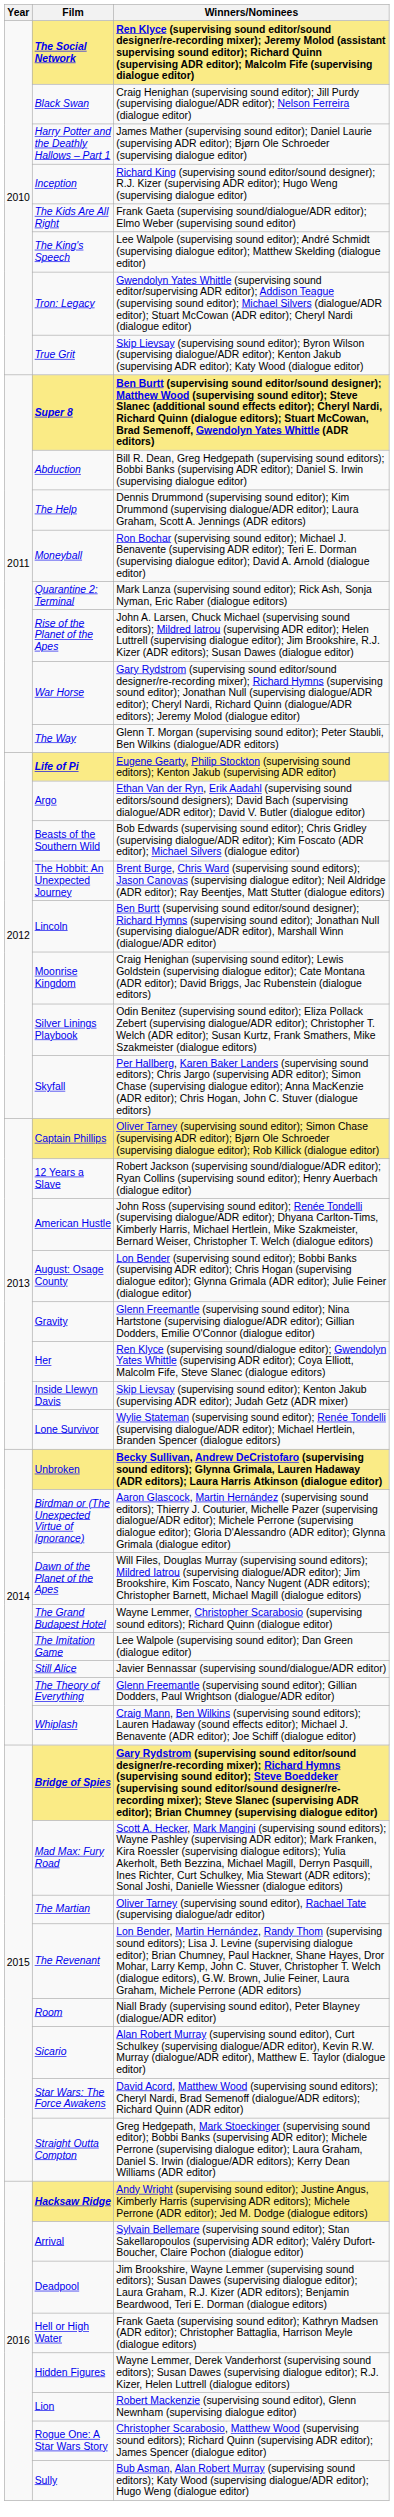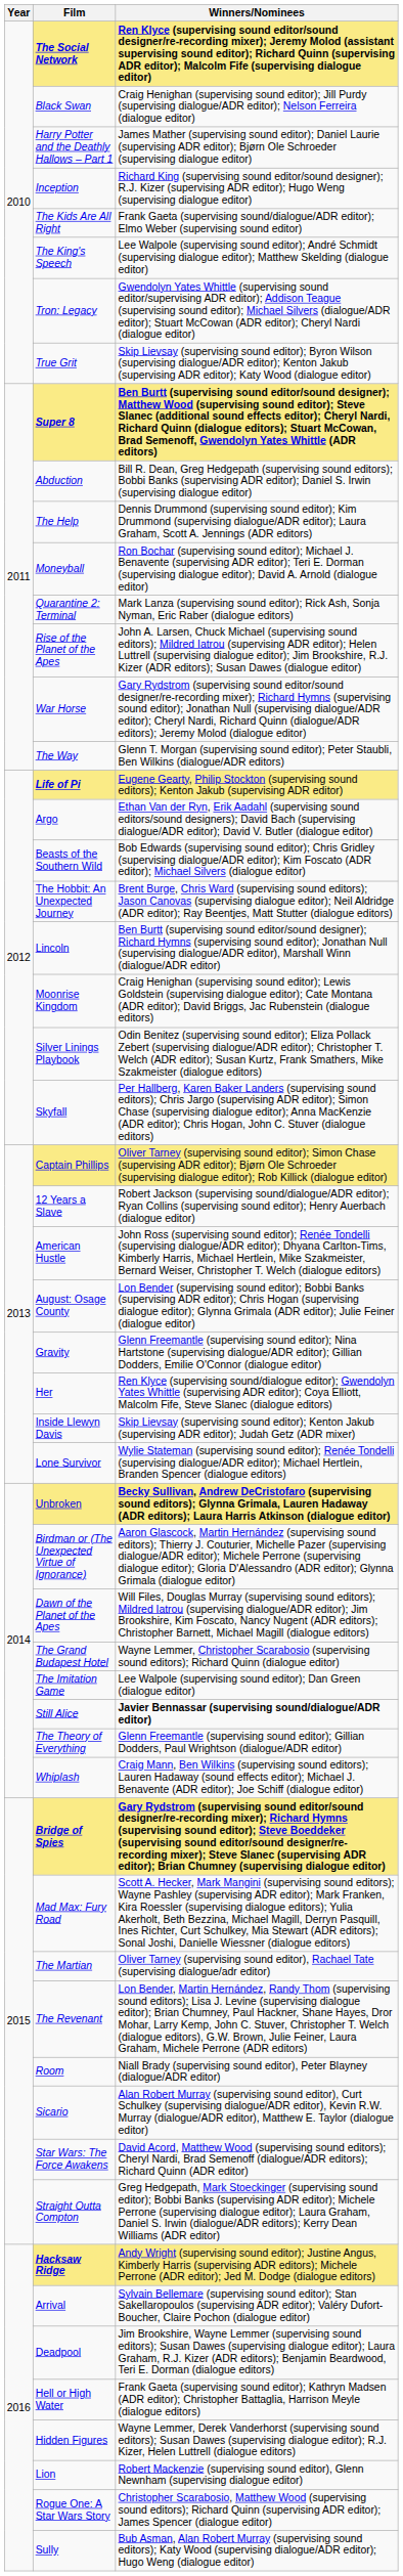 <table class="wikitable" width="95%" cellpadding="5">
 <tr>
 <th>Year</th>
 <th>Film</th>
 <th>Winners/Nominees</th>
 </tr>
 <tr>
 <td rowspan=8 style="text-align:center">2010<br></td>
 <td style="background:#FAEB86;"><strong><em><a href='#'>The Social Network</a></em></strong></td>
 <td style="background:#FAEB86;"><strong><a href='#'>Ren Klyce</a> (supervising sound editor/sound designer/re-recording mixer); Jeremy Molod (assistant supervising sound editor); Richard Quinn (supervising ADR editor); Malcolm Fife (supervising dialogue editor)</strong></td>
 </tr>
 <tr>
 <td><em><a href='#'>Black Swan</a></em></td>
 <td>Craig Henighan (supervising sound editor); Jill Purdy (supervising dialogue/ADR editor); <a href='#'>Nelson Ferreira</a> (dialogue editor)</td>
 </tr>
 <tr>
 <td><em><a href='#'>Harry Potter and the Deathly Hallows – Part 1</a></em></td>
 <td>James Mather (supervising sound editor); Daniel Laurie (supervising ADR editor); Bjørn Ole Schroeder (supervising dialogue editor)</td>
 </tr>
 <tr>
 <td><em><a href='#'>Inception</a></em></td>
 <td><a href='#'>Richard King</a> (supervising sound editor/sound designer); R.J. Kizer (supervising ADR editor); Hugo Weng (supervising dialogue editor)</td>
 </tr>
 <tr>
 <td><em><a href='#'>The Kids Are All Right</a></em></td>
 <td>Frank Gaeta (supervising sound/dialogue/ADR editor); Elmo Weber (supervising sound editor)</td>
 </tr>
 <tr>
 <td><em><a href='#'>The King's Speech</a></em></td>
 <td>Lee Walpole (supervising sound editor); André Schmidt (supervising dialogue editor); Matthew Skelding (dialogue editor)</td>
 </tr>
 <tr>
 <td><em><a href='#'>Tron: Legacy</a></em></td>
 <td><a href='#'>Gwendolyn Yates Whittle</a> (supervising sound editor/supervising ADR editor); <a href='#'>Addison Teague</a> (supervising sound editor); <a href='#'>Michael Silvers</a> (dialogue/ADR editor); Stuart McCowan (ADR editor); Cheryl Nardi (dialogue editor)</td>
 </tr>
 <tr>
 <td><em><a href='#'>True Grit</a></em></td>
 <td><a href='#'>Skip Lievsay</a> (supervising sound editor); Byron Wilson (supervising dialogue/ADR editor); Kenton Jakub (supervising ADR editor); Katy Wood (dialogue editor)</td>
 </tr>
 <tr>
 <td rowspan=8 style="text-align:center">2011<br></td>
 <td style="background:#FAEB86;"><strong><em><a href='#'>Super 8</a></em></strong></td>
 <td style="background:#FAEB86;"><strong><a href='#'>Ben Burtt</a> (supervising sound editor/sound designer); <a href='#'>Matthew Wood</a> (supervising sound editor); Steve Slanec (additional sound  effects editor); Cheryl Nardi, Richard Quinn (dialogue editors); Stuart McCowan, Brad Semenoff, <a href='#'>Gwendolyn Yates Whittle</a> (ADR editors)</strong></td>
 </tr>
 <tr>
 <td><em><a href='#'>Abduction</a></em></td>
 <td>Bill R. Dean, Greg Hedgepath (supervising sound editors); Bobbi Banks (supervising ADR editor); Daniel S. Irwin (supervising dialogue editor)</td>
 </tr>
 <tr>
 <td><em><a href='#'>The Help</a></em></td>
 <td>Dennis Drummond (supervising sound editor); Kim Drummond (supervising dialogue/ADR editor); Laura Graham, Scott A. Jennings (ADR editors)</td>
 </tr>
 <tr>
 <td><em><a href='#'>Moneyball</a></em></td>
 <td><a href='#'>Ron Bochar</a> (supervising sound editor); Michael J. Benavente (supervising ADR editor); Teri E. Dorman (supervising dialogue editor); David A. Arnold (dialogue editor)</td>
 </tr>
 <tr>
 <td><em><a href='#'>Quarantine 2: Terminal</a></em></td>
 <td>Mark Lanza (supervising sound editor); Rick Ash, Sonja Nyman, Eric Raber (dialogue editors)</td>
 </tr>
 <tr>
 <td><em><a href='#'>Rise of the Planet of the Apes</a></em></td>
 <td>John A. Larsen, Chuck Michael (supervising sound editors); <a href='#'>Mildred Iatrou</a> (supervising ADR editor); Helen Luttrell (supervising dialogue editor); Jim Brookshire, R.J. Kizer (ADR editors); Susan Dawes (dialogue editor)</td>
 </tr>
 <tr>
 <td><em><a href='#'>War Horse</a></em></td>
 <td><a href='#'>Gary Rydstrom</a> (supervising sound editor/sound designer/re-recording mixer); <a href='#'>Richard Hymns</a> (supervising sound editor); Jonathan Null (supervising dialogue/ADR editor); Cheryl Nardi, Richard Quinn (dialogue/ADR editors); Jeremy Molod (dialogue editor)</td>
 </tr>
 <tr>
 <td><em><a href='#'>The Way</a></em></td>
 <td>Glenn T. Morgan (supervising sound editor); Peter Staubli, Ben Wilkins (dialogue/ADR editors)</td>
 </tr>
 <tr>
 <td rowspan=8 style="text-align:center">2012<br></td>
 <td style="background:#FAEB86;"><strong><em><a href='#'>Life of Pi</a><em> <strong></td>
 <td style="background:#FAEB86;"></strong><a href='#'>Eugene Gearty</a>, <a href='#'>Philip Stockton</a> (supervising sound editors); Kenton Jakub (supervising ADR editor)<strong></td>
 </tr>
 <tr>
 <td></em><a href='#'>Argo</a><em></td>
 <td><a href='#'>Ethan Van der Ryn</a>, <a href='#'>Erik Aadahl</a> (supervising sound editors/sound designers); David Bach (supervising dialogue/ADR editor); David V. Butler (dialogue editor)</td>
 </tr>
 <tr>
 <td></em><a href='#'>Beasts of the Southern Wild</a><em></td>
 <td>Bob Edwards (supervising sound editor); Chris Gridley (supervising dialogue/ADR editor); Kim Foscato (ADR editor); <a href='#'>Michael Silvers</a> (dialogue editor)</td>
 </tr>
 <tr>
 <td></em><a href='#'>The Hobbit: An Unexpected Journey</a><em></td>
 <td><a href='#'>Brent Burge</a>, <a href='#'>Chris Ward</a> (supervising sound editors); <a href='#'>Jason Canovas</a> (supervising dialogue editor); Neil Aldridge (ADR editor); Ray Beentjes, Matt Stutter (dialogue editors)</td>
 </tr>
 <tr>
 <td></em><a href='#'>Lincoln</a><em></td>
 <td><a href='#'>Ben Burtt</a> (supervising sound editor/sound designer); <a href='#'>Richard Hymns</a> (supervising sound editor); Jonathan Null (supervising dialogue/ADR editor), Marshall Winn (dialogue/ADR editor)</td>
 </tr>
 <tr>
 <td></em><a href='#'>Moonrise Kingdom</a><em></td>
 <td>Craig Henighan (supervising sound editor); Lewis Goldstein (supervising dialogue editor); Cate Montana (ADR editor); David Briggs, Jac Rubenstein (dialogue editors)</td>
 </tr>
 <tr>
 <td></em><a href='#'>Silver Linings Playbook</a><em></td>
 <td>Odin Benitez (supervising sound editor); Eliza Pollack Zebert (supervising dialogue/ADR editor); Christopher T. Welch (ADR editor); Susan Kurtz, Frank Smathers, Mike Szakmeister (dialogue editors)</td>
 </tr>
 <tr>
 <td></em><a href='#'>Skyfall</a><em></td>
 <td><a href='#'>Per Hallberg</a>, <a href='#'>Karen Baker Landers</a> (supervising sound editors); Chris Jargo (supervising ADR editor); Simon Chase (supervising dialogue editor); Anna MacKenzie (ADR editor); Chris Hogan, John C. Stuver (dialogue editors)</td>
 </tr>
 <tr>
 <td rowspan=8 style="text-align:center">2013<br></td>
 <td style="background:#FAEB86;"></em></strong><a href='#'>Captain Phillips</a><strong><em></td>
 <td style="background:#FAEB86;"></strong><a href='#'>Oliver Tarney</a> (supervising sound editor); Simon Chase (supervising ADR editor); Bjørn Ole Schroeder (supervising dialogue editor); Rob Killick (dialogue editor)<strong></td>
 </tr>
 <tr>
 <td></em><a href='#'>12 Years a Slave</a><em></td>
 <td>Robert Jackson (supervising sound/dialogue/ADR editor); Ryan Collins (supervising sound editor); Henry Auerbach (dialogue editor)</td>
 </tr>
 <tr>
 <td></em><a href='#'>American Hustle</a><em></td>
 <td>John Ross (supervising sound editor); <a href='#'>Renée Tondelli</a> (supervising dialogue/ADR editor); Dhyana Carlton-Tims, Kimberly Harris, Michael Hertlein, Mike Szakmeister, Bernard Weiser, Christopher T. Welch (dialogue editors)</td>
 </tr>
 <tr>
 <td></em><a href='#'>August: Osage County</a><em></td>
 <td><a href='#'>Lon Bender</a> (supervising sound editor); Bobbi Banks (supervising ADR editor); Chris Hogan (supervising dialogue editor); Glynna Grimala (ADR editor); Julie Feiner (dialogue editor)</td>
 </tr>
 <tr>
 <td></em><a href='#'>Gravity</a><em></td>
 <td><a href='#'>Glenn Freemantle</a> (supervising sound editor); Nina Hartstone (supervising dialogue/ADR editor); Gillian Dodders, Emilie O'Connor (dialogue editor)</td>
 </tr>
 <tr>
 <td></em><a href='#'>Her</a><em></td>
 <td><a href='#'>Ren Klyce</a> (supervising sound/dialogue editor); <a href='#'>Gwendolyn Yates Whittle</a> (supervising ADR editor); Coya Elliott, Malcolm Fife, Steve Slanec (dialogue editors)</td>
 </tr>
 <tr>
 <td></em><a href='#'>Inside Llewyn Davis</a><em></td>
 <td><a href='#'>Skip Lievsay</a> (supervising sound editor); Kenton Jakub (supervising ADR editor); Judah Getz (ADR mixer)</td>
 </tr>
 <tr>
 <td></em><a href='#'>Lone Survivor</a><em></td>
 <td><a href='#'>Wylie Stateman</a> (supervising sound editor); <a href='#'>Renée Tondelli</a> (supervising dialogue/ADR editor); Michael Hertlein, Branden Spencer (dialogue editors)</td>
 </tr>
 <tr>
 <td rowspan=8 style="text-align:center">2014<br></td>
 <td style="background:#FAEB86;"></em></strong><a href='#'>Unbroken</a></em> </strong></td>
 <td style="background:#FAEB86;"><strong><a href='#'>Becky Sullivan</a>, <a href='#'>Andrew DeCristofaro</a> (supervising sound editors); Glynna Grimala, Lauren Hadaway (ADR editors); Laura Harris Atkinson (dialogue editor)</strong></td>
 </tr>
 <tr>
 <td><em><a href='#'>Birdman or (The Unexpected Virtue of Ignorance)</a></em></td>
 <td><a href='#'>Aaron Glascock</a>, <a href='#'>Martin Hernández</a> (supervising sound editors); Thierry J. Couturier, Michelle Pazer (supervising dialogue/ADR editor); Michele Perrone (supervising dialogue editor); Gloria D'Alessandro (ADR editor); Glynna Grimala (dialogue editor)</td>
 </tr>
 <tr>
 <td><em><a href='#'>Dawn of the Planet of the Apes</a></em></td>
 <td>Will Files, Douglas Murray (supervising sound editors); <a href='#'>Mildred Iatrou</a> (supervising dialogue/ADR editor); Jim Brookshire, Kim Foscato, Nancy Nugent (ADR editors); Christopher Barnett, Michael Magill (dialogue editors)</td>
 </tr>
 <tr>
 <td><em><a href='#'>The Grand Budapest Hotel</a></em></td>
 <td>Wayne Lemmer, <a href='#'>Christopher Scarabosio</a> (supervising sound editors); Richard Quinn (dialogue editor)</td>
 </tr>
 <tr>
 <td><em><a href='#'>The Imitation Game</a></em></td>
 <td>Lee Walpole (supervising sound editor); Dan Green (dialogue editor)</td>
 </tr>
 <tr>
 <td><em><a href='#'>Still Alice</a></em></td>
-<td>Javier Bennassar (supervising sound/dialogue/ADR editor)</td>
+<td><strong>Javier Bennassar (supervising sound/dialogue/ADR editor)</strong></td>
 </tr>
 <tr>
 <td><em><a href='#'>The Theory of Everything</a></em></td>
 <td><a href='#'>Glenn Freemantle</a> (supervising sound editor); Gillian Dodders, Paul Wrightson (dialogue/ADR editor)</td>
 </tr>
 <tr>
 <td><em><a href='#'>Whiplash</a></em></td>
 <td><a href='#'>Craig Mann</a>, <a href='#'>Ben Wilkins</a> (supervising sound editors); Lauren Hadaway (sound effects editor); Michael J. Benavente (ADR editor); Joe Schiff (dialogue editor)</td>
 </tr>
 <tr>
 <td rowspan=8 style="text-align:center">2015<br></td>
 <td style="background:#FAEB86;"><strong><em><a href='#'>Bridge of Spies</a></em></strong></td>
 <td style="background:#FAEB86;"><strong><a href='#'>Gary Rydstrom</a> (supervising sound editor/sound designer/re-recording mixer); <a href='#'>Richard Hymns</a> (supervising sound editor); <a href='#'>Steve Boeddeker</a> (supervising sound editor/sound designer/re-recording mixer); Steve Slanec (supervising ADR editor); Brian Chumney (supervising dialogue editor)</strong></td>
 </tr>
 <tr>
 <td><em><a href='#'>Mad Max: Fury Road</a></em></td>
 <td><a href='#'>Scott A. Hecker</a>, <a href='#'>Mark Mangini</a> (supervising sound editors); Wayne Pashley (supervising ADR editor); Mark Franken, Kira Roessler (supervising dialogue editors); Yulia Akerholt, Beth Bezzina, Michael Magill, Derryn Pasquill, Ines Richter, Curt Schulkey, Mia Stewart (ADR editors); Sonal Joshi, Danielle Wiessner (dialogue editors)</td>
 </tr>
 <tr>
 <td><em><a href='#'>The Martian</a></em></td>
 <td><a href='#'>Oliver Tarney</a> (supervising sound editor), <a href='#'>Rachael Tate</a> (supervising dialogue/adr editor)</td>
 </tr>
 <tr>
 <td><em><a href='#'>The Revenant</a></em></td>
 <td><a href='#'>Lon Bender</a>, <a href='#'>Martin Hernández</a>, <a href='#'>Randy Thom</a> (supervising sound editors); Lisa J. Levine (supervising dialogue editor); Brian Chumney, Paul Hackner, Shane Hayes, Dror Mohar, Larry Kemp, John C. Stuver, Christopher T. Welch (dialogue editors), G.W. Brown, Julie Feiner, Laura Graham, Michele Perrone (ADR editors)</td>
 </tr>
 <tr>
 <td><em><a href='#'>Room</a></em></td>
 <td>Niall Brady (supervising sound editor), Peter Blayney (dialogue/ADR editor)</td>
 </tr>
 <tr>
 <td><em><a href='#'>Sicario</a></em></td>
 <td><a href='#'>Alan Robert Murray</a> (supervising sound editor), Curt Schulkey (supervising dialogue/ADR editor), Kevin R.W. Murray (dialogue/ADR editor), Matthew E. Taylor (dialogue editor)</td>
 </tr>
 <tr>
 <td><em><a href='#'>Star Wars: The Force Awakens</a></em></td>
 <td><a href='#'>David Acord</a>, <a href='#'>Matthew Wood</a> (supervising sound editors); Cheryl Nardi, Brad Semenoff (dialogue/ADR editors); Richard Quinn (ADR editor)</td>
 </tr>
 <tr>
 <td><em><a href='#'>Straight Outta Compton</a></em></td>
 <td>Greg Hedgepath, <a href='#'>Mark Stoeckinger</a> (supervising sound editor); Bobbi Banks (supervising ADR editor); Michele Perrone (supervising dialogue editor); Laura Graham, Daniel S. Irwin (dialogue/ADR editors); Kerry Dean Williams (ADR editor)</td>
 </tr>
 <tr>
 <td rowspan=8 style="text-align:center">2016<br></td>
 <td style="background:#FAEB86;"><strong><em><a href='#'>Hacksaw Ridge</a><em> <strong></td>
 <td style="background:#FAEB86;"></strong><a href='#'>Andy Wright</a> (supervising sound editor); Justine Angus, Kimberly Harris (supervising ADR editors); Michele Perrone (ADR editor); Jed M. Dodge (dialogue editors)<strong></td>
 </tr>
 <tr>
 <td></em><a href='#'>Arrival</a><em></td>
 <td><a href='#'>Sylvain Bellemare</a> (supervising sound editor); Stan Sakellaropoulos (supervising ADR editor); Valéry Dufort-Boucher, Claire Pochon (dialogue editor)</td>
 </tr>
 <tr>
 <td></em><a href='#'>Deadpool</a><em></td>
 <td>Jim Brookshire, Wayne Lemmer (supervising sound editors); Susan Dawes (supervising dialogue editor); Laura Graham, R.J. Kizer (ADR editors); Benjamin Beardwood, Teri E. Dorman (dialogue editors)</td>
 </tr>
 <tr>
 <td></em><a href='#'>Hell or High Water</a><em></td>
 <td>Frank Gaeta (supervising sound editor); Kathryn Madsen (ADR editor); Christopher Battaglia, Harrison Meyle (dialogue editors)</td>
 </tr>
 <tr>
 <td></em><a href='#'>Hidden Figures</a><em></td>
 <td>Wayne Lemmer, Derek Vanderhorst (supervising sound editors); Susan Dawes (supervising dialogue editor); R.J. Kizer, Helen Luttrell (dialogue editors)</td>
 </tr>
 <tr>
 <td></em><a href='#'>Lion</a><em></td>
 <td><a href='#'>Robert Mackenzie</a> (supervising sound editor), Glenn Newnham (supervising dialogue editor)</td>
 </tr>
 <tr>
 <td></em><a href='#'>Rogue One: A Star Wars Story</a><em></td>
 <td><a href='#'>Christopher Scarabosio</a>, <a href='#'>Matthew Wood</a> (supervising sound editors); Richard Quinn (supervising ADR editor); James Spencer (dialogue editor)</td>
 </tr>
 <tr>
 <td></em><a href='#'>Sully</a><em></td>
 <td><a href='#'>Bub Asman</a>, <a href='#'>Alan Robert Murray</a> (supervising sound editors); Katy Wood (supervising dialogue/ADR editor); Hugo Weng (dialogue editor)</td>
 </tr>
 </table>
